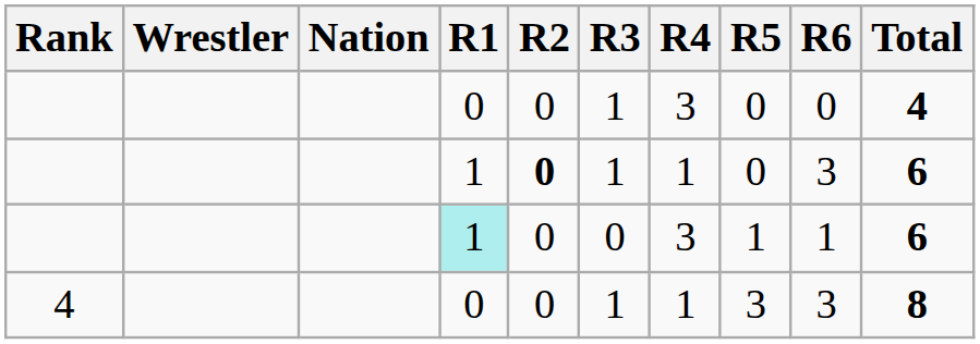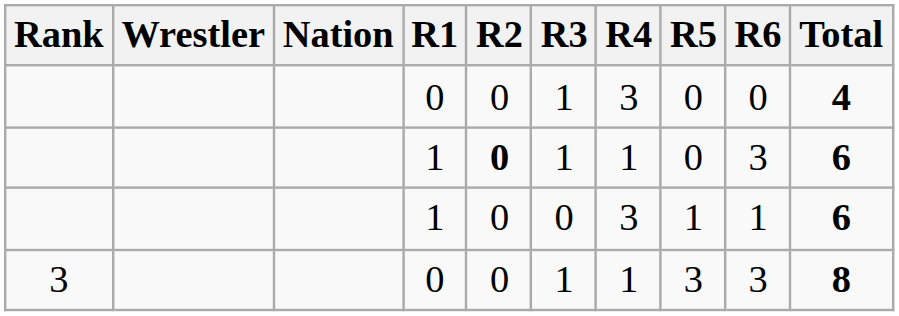 <table class="wikitable sortable" style="text-align:center;">
 <tr>
 <th>Rank</th>
 <th>Wrestler</th>
 <th>Nation</th>
 <th>R1</th>
 <th>R2</th>
 <th>R3</th>
 <th>R4</th>
 <th>R5</th>
 <th>R6</th>
 <th>Total</th>
 </tr>
 <tr>
 <td></td>
 <td align=left></td>
 <td align=left></td>
 <td>0</td>
 <td>0</td>
 <td>1</td>
 <td>3</td>
 <td>0</td>
 <td>0</td>
 <td><strong>4</strong></td>
 </tr>
 <tr>
 <td></td>
 <td align=left></td>
 <td align=left></td>
 <td>1</td>
 <td><strong>0</strong></td>
 <td>1</td>
 <td>1</td>
 <td>0</td>
 <td>3</td>
 <td><strong>6</strong></td>
 </tr>
 <tr>
 <td></td>
 <td align=left></td>
 <td align=left></td>
-<td style="background: paleturquoise;">1</td>
+<td>1</td>
 <td>0</td>
 <td>0</td>
 <td>3</td>
 <td>1</td>
 <td>1</td>
 <td><strong>6</strong></td>
 </tr>
 <tr>
-<td>4</td>
+<td>3</td>
 <td align=left></td>
 <td align=left></td>
 <td>0</td>
 <td>0</td>
 <td>1</td>
 <td>1</td>
 <td>3</td>
 <td>3</td>
 <td><strong>8</strong></td>
 </tr>
 </table>
